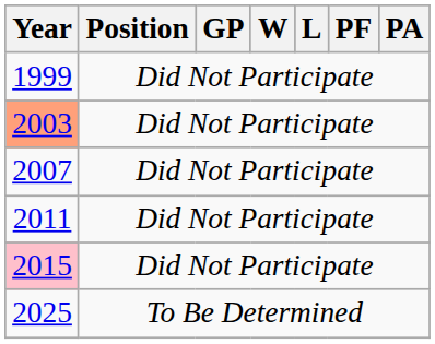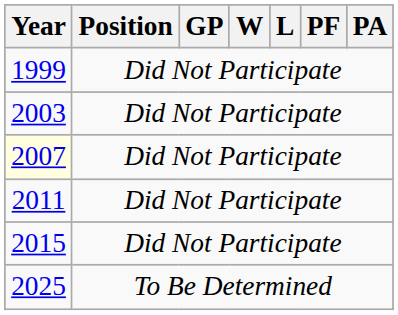 <table class="wikitable" style="text-align: center;">
 <tr>
 <th>Year</th>
 <th>Position</th>
 <th>GP</th>
 <th>W</th>
 <th>L</th>
 <th>PF</th>
 <th>PA</th>
 </tr>
 <tr>
 <td> <a href='#'>1999</a></td>
 <td colspan=6><em>Did Not Participate</em></td>
 </tr>
 <tr>
-<td style="background: lightsalmon;"> <a href='#'>2003</a></td>
+<td> <a href='#'>2003</a></td>
 <td colspan=6><em>Did Not Participate</em></td>
 </tr>
 <tr>
-<td> <a href='#'>2007</a></td>
+<td style="background: lightyellow;"> <a href='#'>2007</a></td>
 <td colspan=6><em>Did Not Participate</em></td>
 </tr>
 <tr>
 <td> <a href='#'>2011</a></td>
 <td colspan=6><em>Did Not Participate</em></td>
 </tr>
 <tr>
-<td style="background: pink;"> <a href='#'>2015</a></td>
+<td> <a href='#'>2015</a></td>
 <td colspan=6><em>Did Not Participate</em></td>
 </tr>
 <tr>
 <td><a href='#'>2025</a></td>
 <td colspan=6><em>To Be Determined</em></td>
 </tr>
 </table>
